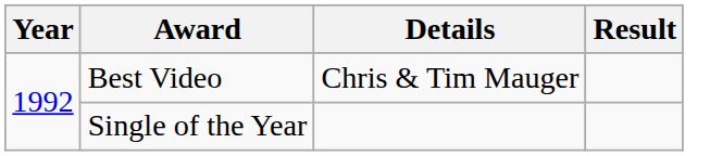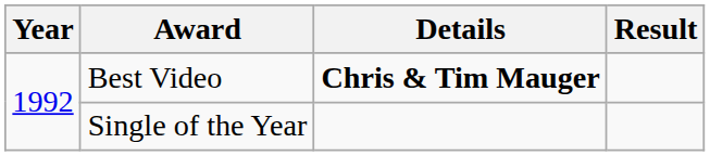 <table class="wikitable">
 <tr>
 <th>Year</th>
 <th>Award</th>
 <th>Details</th>
 <th>Result</th>
 </tr>
 <tr>
 <td rowspan=2><a href='#'>1992</a></td>
 <td>Best Video</td>
-<td>Chris & Tim Mauger</td>
+<td><strong>Chris & Tim Mauger</strong></td>
 <td></td>
 </tr>
 <tr>
 <td>Single of the Year</td>
 <td></td>
 <td></td>
 </tr>
 </table>
